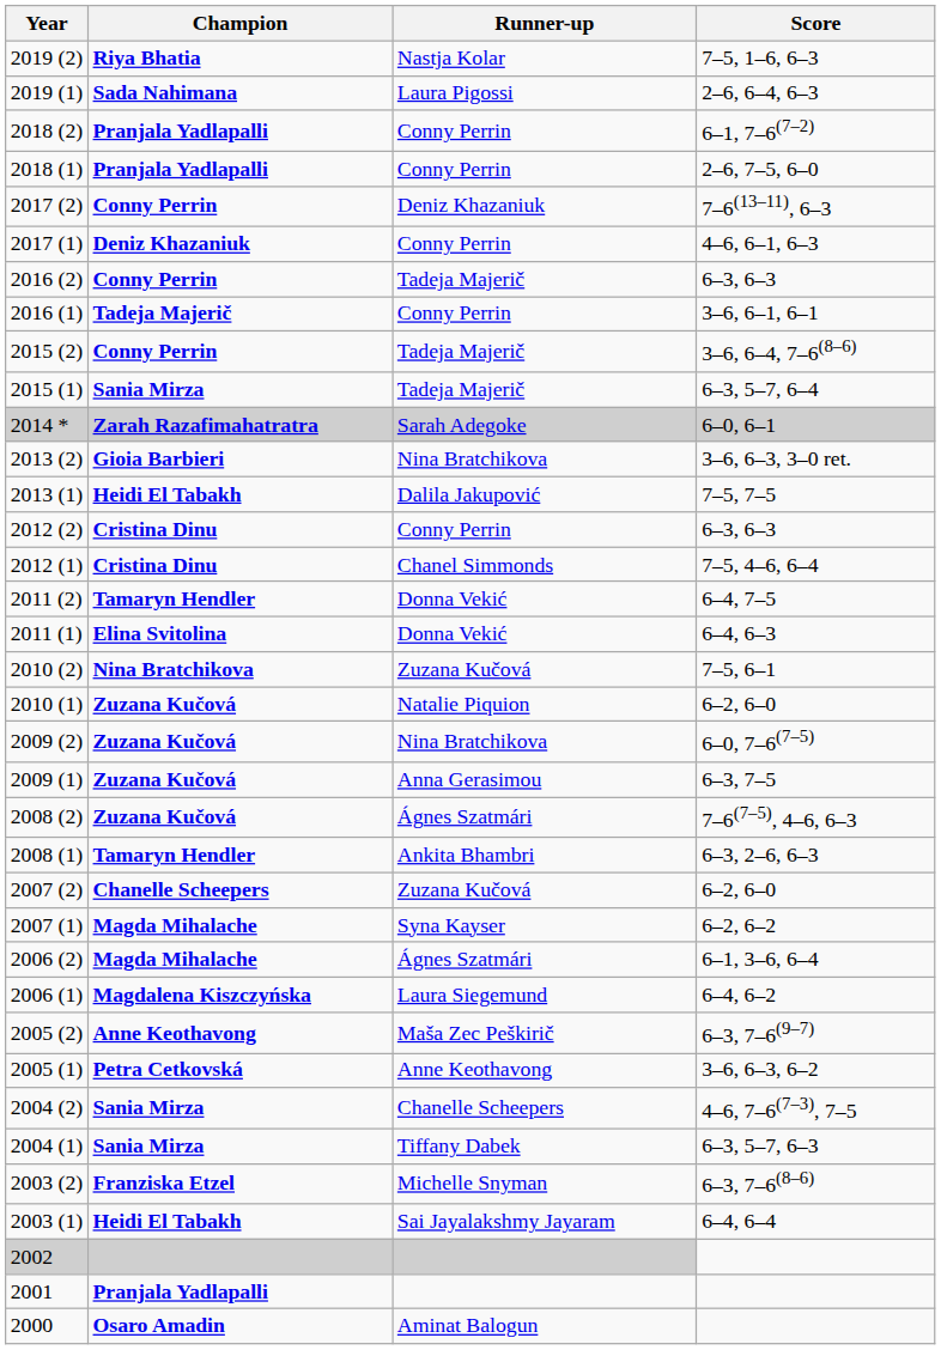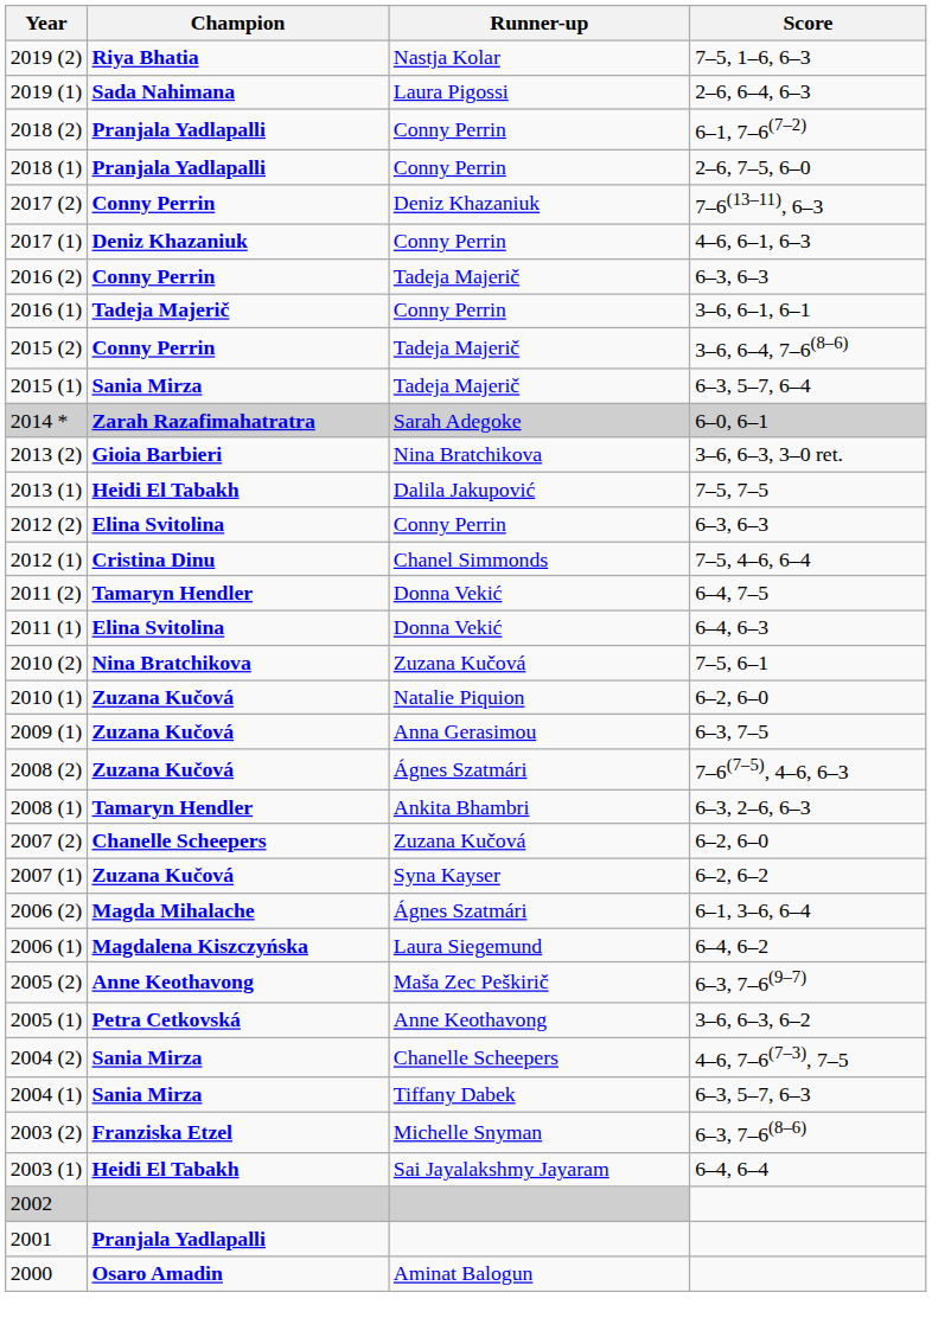 <table class="wikitable" style="font-size:90%">
 <tr>
 <th>Year</th>
 <th width="200">Champion</th>
 <th width="200">Runner-up</th>
 <th width="155">Score</th>
 </tr>
 <tr>
 <td>2019 (2)</td>
 <td> <strong><a href='#'>Riya Bhatia</a></strong></td>
 <td> <a href='#'>Nastja Kolar</a></td>
 <td>7–5, 1–6, 6–3</td>
 </tr>
 <tr>
 <td>2019 (1)</td>
 <td> <strong><a href='#'>Sada Nahimana</a></strong></td>
 <td> <a href='#'>Laura Pigossi</a></td>
 <td>2–6, 6–4, 6–3</td>
 </tr>
 <tr>
 <td>2018 (2)</td>
 <td> <strong><a href='#'>Pranjala Yadlapalli</a></strong></td>
 <td> <a href='#'>Conny Perrin</a></td>
 <td>6–1, 7–6<sup>(7–2)</sup></td>
 </tr>
 <tr>
 <td>2018 (1)</td>
 <td> <strong><a href='#'>Pranjala Yadlapalli</a></strong></td>
 <td> <a href='#'>Conny Perrin</a></td>
 <td>2–6, 7–5, 6–0</td>
 </tr>
 <tr>
 <td>2017 (2)</td>
 <td> <strong><a href='#'>Conny Perrin</a></strong></td>
 <td> <a href='#'>Deniz Khazaniuk</a></td>
 <td>7–6<sup>(13–11)</sup>, 6–3</td>
 </tr>
 <tr>
 <td>2017 (1)</td>
 <td> <strong><a href='#'>Deniz Khazaniuk</a></strong></td>
 <td> <a href='#'>Conny Perrin</a></td>
 <td>4–6, 6–1, 6–3</td>
 </tr>
 <tr>
 <td>2016 (2)</td>
 <td> <strong><a href='#'>Conny Perrin</a></strong></td>
 <td> <a href='#'>Tadeja Majerič</a></td>
 <td>6–3, 6–3</td>
 </tr>
 <tr>
 <td>2016 (1)</td>
 <td> <strong><a href='#'>Tadeja Majerič</a></strong></td>
 <td> <a href='#'>Conny Perrin</a></td>
 <td>3–6, 6–1, 6–1</td>
 </tr>
 <tr>
 <td>2015 (2)</td>
 <td> <strong><a href='#'>Conny Perrin</a></strong></td>
 <td> <a href='#'>Tadeja Majerič</a></td>
 <td>3–6, 6–4, 7–6<sup>(8–6)</sup></td>
 </tr>
 <tr>
 <td>2015 (1)</td>
 <td> <strong><a href='#'>Sania Mirza</a></strong></td>
 <td> <a href='#'>Tadeja Majerič</a></td>
 <td>6–3, 5–7, 6–4</td>
 </tr>
 <tr style="background:#cfcfcf">
 <td>2014 *</td>
 <td> <strong><a href='#'>Zarah Razafimahatratra</a></strong></td>
 <td> <a href='#'>Sarah Adegoke</a></td>
 <td>6–0, 6–1</td>
 </tr>
 <tr>
 <td>2013 (2)</td>
 <td> <strong><a href='#'>Gioia Barbieri</a></strong></td>
 <td> <a href='#'>Nina Bratchikova</a></td>
 <td>3–6, 6–3, 3–0 ret.</td>
 </tr>
 <tr>
 <td>2013 (1)</td>
 <td> <strong><a href='#'>Heidi El Tabakh</a></strong></td>
 <td> <a href='#'>Dalila Jakupović</a></td>
 <td>7–5, 7–5</td>
 </tr>
 <tr>
 <td>2012 (2)</td>
-<td> <strong><a href='#'>Cristina Dinu</a></strong></td>
+<td> <strong><a href='#'>Elina Svitolina</a></strong></td>
 <td> <a href='#'>Conny Perrin</a></td>
 <td>6–3, 6–3</td>
 </tr>
 <tr>
 <td>2012 (1)</td>
 <td> <strong><a href='#'>Cristina Dinu</a></strong></td>
 <td> <a href='#'>Chanel Simmonds</a></td>
 <td>7–5, 4–6, 6–4</td>
 </tr>
 <tr>
 <td>2011 (2)</td>
 <td> <strong><a href='#'>Tamaryn Hendler</a></strong></td>
 <td> <a href='#'>Donna Vekić</a></td>
 <td>6–4, 7–5</td>
 </tr>
 <tr>
 <td>2011 (1)</td>
 <td> <strong><a href='#'>Elina Svitolina</a></strong></td>
 <td> <a href='#'>Donna Vekić</a></td>
 <td>6–4, 6–3</td>
 </tr>
 <tr>
 <td>2010 (2)</td>
 <td> <strong><a href='#'>Nina Bratchikova</a></strong></td>
 <td> <a href='#'>Zuzana Kučová</a></td>
 <td>7–5, 6–1</td>
 </tr>
 <tr>
 <td>2010 (1)</td>
 <td> <strong><a href='#'>Zuzana Kučová</a></strong></td>
 <td> <a href='#'>Natalie Piquion</a></td>
 <td>6–2, 6–0</td>
 </tr>
 <tr>
-<td>2009 (2)</td>
-<td> <strong><a href='#'>Zuzana Kučová</a></strong></td>
-<td> <a href='#'>Nina Bratchikova</a></td>
-<td>6–0, 7–6<sup>(7–5)</sup></td>
-</tr>
-<tr>
 <td>2009 (1)</td>
 <td> <strong><a href='#'>Zuzana Kučová</a></strong></td>
 <td> <a href='#'>Anna Gerasimou</a></td>
 <td>6–3, 7–5</td>
 </tr>
 <tr>
 <td>2008 (2)</td>
 <td> <strong><a href='#'>Zuzana Kučová</a></strong></td>
 <td> <a href='#'>Ágnes Szatmári</a></td>
 <td>7–6<sup>(7–5)</sup>, 4–6, 6–3</td>
 </tr>
 <tr>
 <td>2008 (1)</td>
 <td> <strong><a href='#'>Tamaryn Hendler</a></strong></td>
 <td> <a href='#'>Ankita Bhambri</a></td>
 <td>6–3, 2–6, 6–3</td>
 </tr>
 <tr>
 <td>2007 (2)</td>
 <td> <strong><a href='#'>Chanelle Scheepers</a></strong></td>
 <td> <a href='#'>Zuzana Kučová</a></td>
 <td>6–2, 6–0</td>
 </tr>
 <tr>
 <td>2007 (1)</td>
-<td> <strong><a href='#'>Magda Mihalache</a></strong></td>
+<td> <strong><a href='#'>Zuzana Kučová</a></strong></td>
 <td> <a href='#'>Syna Kayser</a></td>
 <td>6–2, 6–2</td>
 </tr>
 <tr>
 <td>2006 (2)</td>
 <td> <strong><a href='#'>Magda Mihalache</a></strong></td>
 <td> <a href='#'>Ágnes Szatmári</a></td>
 <td>6–1, 3–6, 6–4</td>
 </tr>
 <tr>
 <td>2006 (1)</td>
 <td> <strong><a href='#'>Magdalena Kiszczyńska</a></strong></td>
 <td> <a href='#'>Laura Siegemund</a></td>
 <td>6–4, 6–2</td>
 </tr>
 <tr>
 <td>2005 (2)</td>
 <td> <strong><a href='#'>Anne Keothavong</a></strong></td>
 <td> <a href='#'>Maša Zec Peškirič</a></td>
 <td>6–3, 7–6<sup>(9–7)</sup></td>
 </tr>
 <tr>
 <td>2005 (1)</td>
 <td> <strong><a href='#'>Petra Cetkovská</a></strong></td>
 <td> <a href='#'>Anne Keothavong</a></td>
 <td>3–6, 6–3, 6–2</td>
 </tr>
 <tr>
 <td>2004 (2)</td>
 <td> <strong><a href='#'>Sania Mirza</a></strong></td>
 <td> <a href='#'>Chanelle Scheepers</a></td>
 <td>4–6, 7–6<sup>(7–3)</sup>, 7–5</td>
 </tr>
 <tr>
 <td>2004 (1)</td>
 <td> <strong><a href='#'>Sania Mirza</a></strong></td>
 <td> <a href='#'>Tiffany Dabek</a></td>
 <td>6–3, 5–7, 6–3</td>
 </tr>
 <tr>
 <td>2003 (2)</td>
 <td> <strong><a href='#'>Franziska Etzel</a></strong></td>
 <td> <a href='#'>Michelle Snyman</a></td>
 <td>6–3, 7–6<sup>(8–6)</sup></td>
 </tr>
 <tr>
 <td>2003 (1)</td>
 <td> <strong><a href='#'>Heidi El Tabakh</a></strong></td>
 <td> <a href='#'>Sai Jayalakshmy Jayaram</a></td>
 <td>6–4, 6–4</td>
 </tr>
 <tr style="background:#cfcfcf">
 <td>2002</td>
 <td></td>
 <td></td>
 </tr>
 <tr>
 <td>2001</td>
 <td> <strong><a href='#'>Pranjala Yadlapalli</a></strong></td>
 <td></td>
 <td></td>
 </tr>
 <tr>
 <td>2000</td>
 <td> <strong><a href='#'>Osaro Amadin</a></strong></td>
 <td> <a href='#'>Aminat Balogun</a></td>
 <td></td>
 </tr>
 </table>
